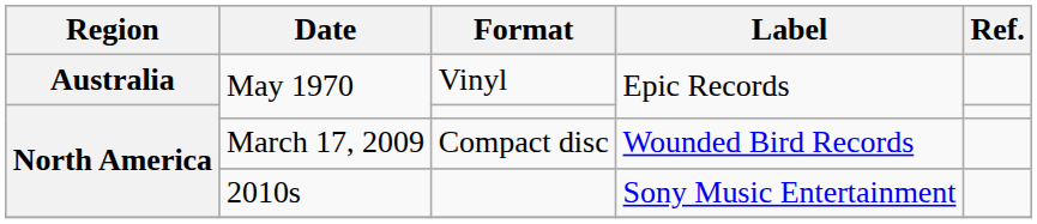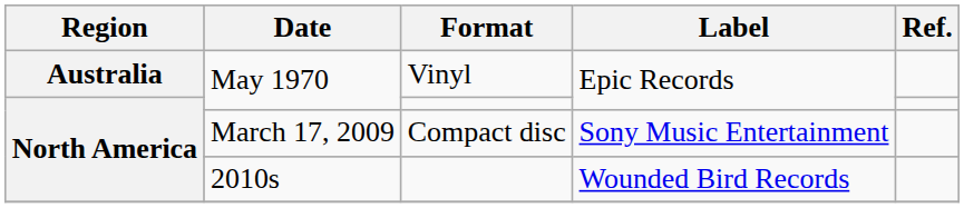 <table class="wikitable plainrowheaders">
 <tr>
 <th scope="col">Region</th>
 <th scope="col">Date</th>
 <th scope="col">Format</th>
 <th scope="col">Label</th>
 <th scope="col">Ref.</th>
 </tr>
 <tr>
 <th scope="row">Australia</th>
 <td rowspan="2">May 1970</td>
 <td>Vinyl</td>
 <td rowspan="2">Epic Records</td>
 <td></td>
 </tr>
 <tr>
 <th scope="row" rowspan="3">North America</th>
 <td></td>
 <td></td>
 </tr>
 <tr>
 <td>March 17, 2009</td>
 <td>Compact disc</td>
-<td><a href='#'>Wounded Bird Records</a></td>
+<td><a href='#'>Sony Music Entertainment</a></td>
 <td></td>
 </tr>
 <tr>
 <td>2010s</td>
 <td></td>
-<td><a href='#'>Sony Music Entertainment</a></td>
+<td><a href='#'>Wounded Bird Records</a></td>
 <td></td>
 </tr>
 <tr>
 </tr>
 </table>
